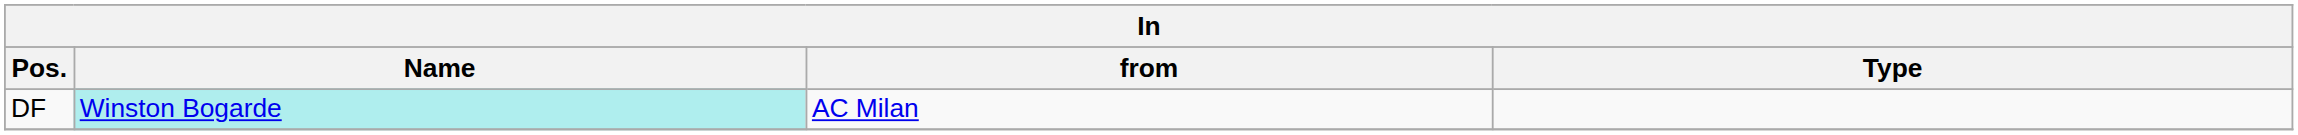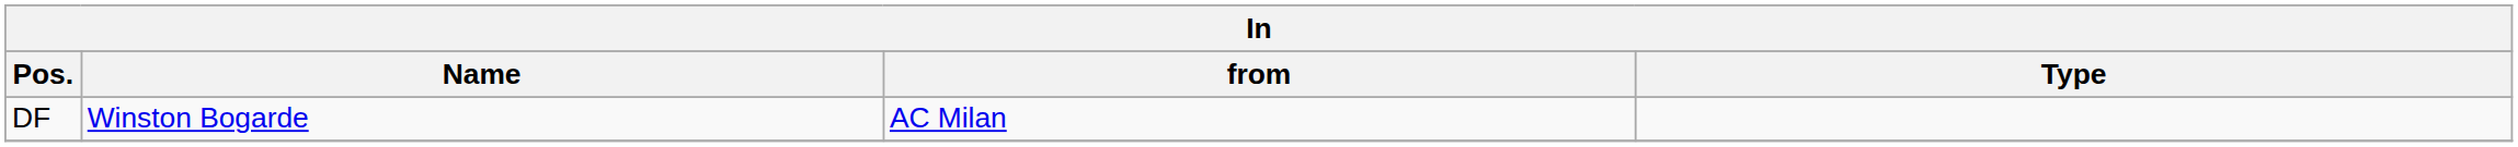 <table class="wikitable" style="font-size:90%;width:99%;">
 <tr>
 <th colspan="4">In</th>
 </tr>
 <tr>
 <th width=3%>Pos.</th>
 <th width=32%>Name</th>
 <th width=30%>from</th>
 <th width=35%>Type</th>
 </tr>
 <tr>
 <td>DF</td>
-<td style="background: paleturquoise;"><a href='#'>Winston Bogarde</a></td>
+<td><a href='#'>Winston Bogarde</a></td>
 <td><a href='#'>AC Milan</a></td>
 <td></td>
 </tr>
 <tr>
 </tr>
 </table>
